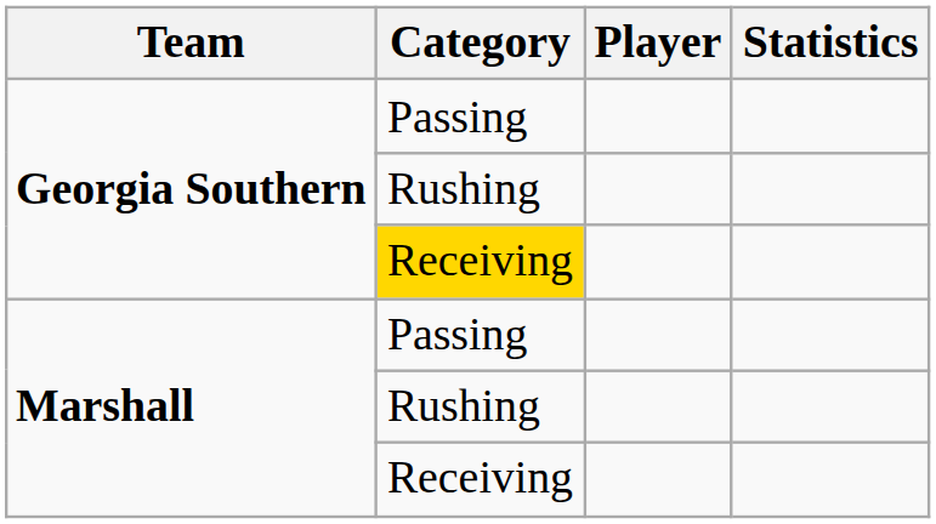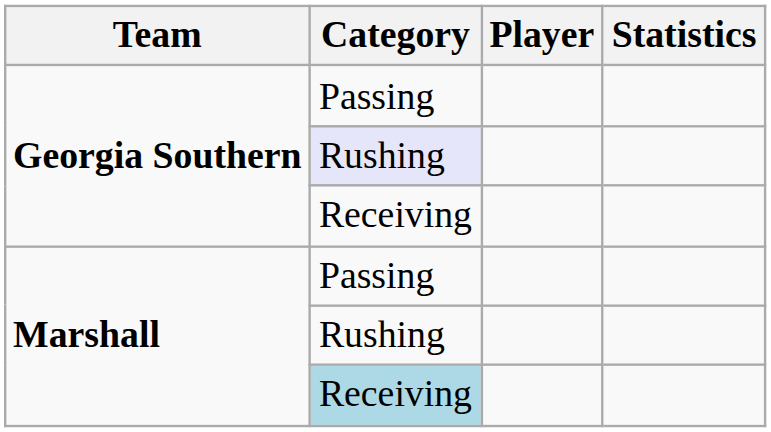 <table class="wikitable" style="float: right;">
 <tr>
 <th>Team</th>
 <th>Category</th>
 <th>Player</th>
 <th>Statistics</th>
 </tr>
 <tr>
 <td rowspan=3><strong>Georgia Southern</strong></td>
 <td>Passing</td>
 <td></td>
 <td></td>
 </tr>
 <tr>
-<td>Rushing</td>
+<td style="background: lavender;">Rushing</td>
 <td></td>
 <td></td>
 </tr>
 <tr>
-<td style="background: gold;">Receiving</td>
+<td>Receiving</td>
 <td></td>
 <td></td>
 </tr>
 <tr>
 <td rowspan=3><strong>Marshall</strong></td>
 <td>Passing</td>
 <td></td>
 <td></td>
 </tr>
 <tr>
 <td>Rushing</td>
 <td></td>
 <td></td>
 </tr>
 <tr>
-<td>Receiving</td>
+<td style="background: lightblue;">Receiving</td>
 <td></td>
 <td></td>
 </tr>
 </table>
